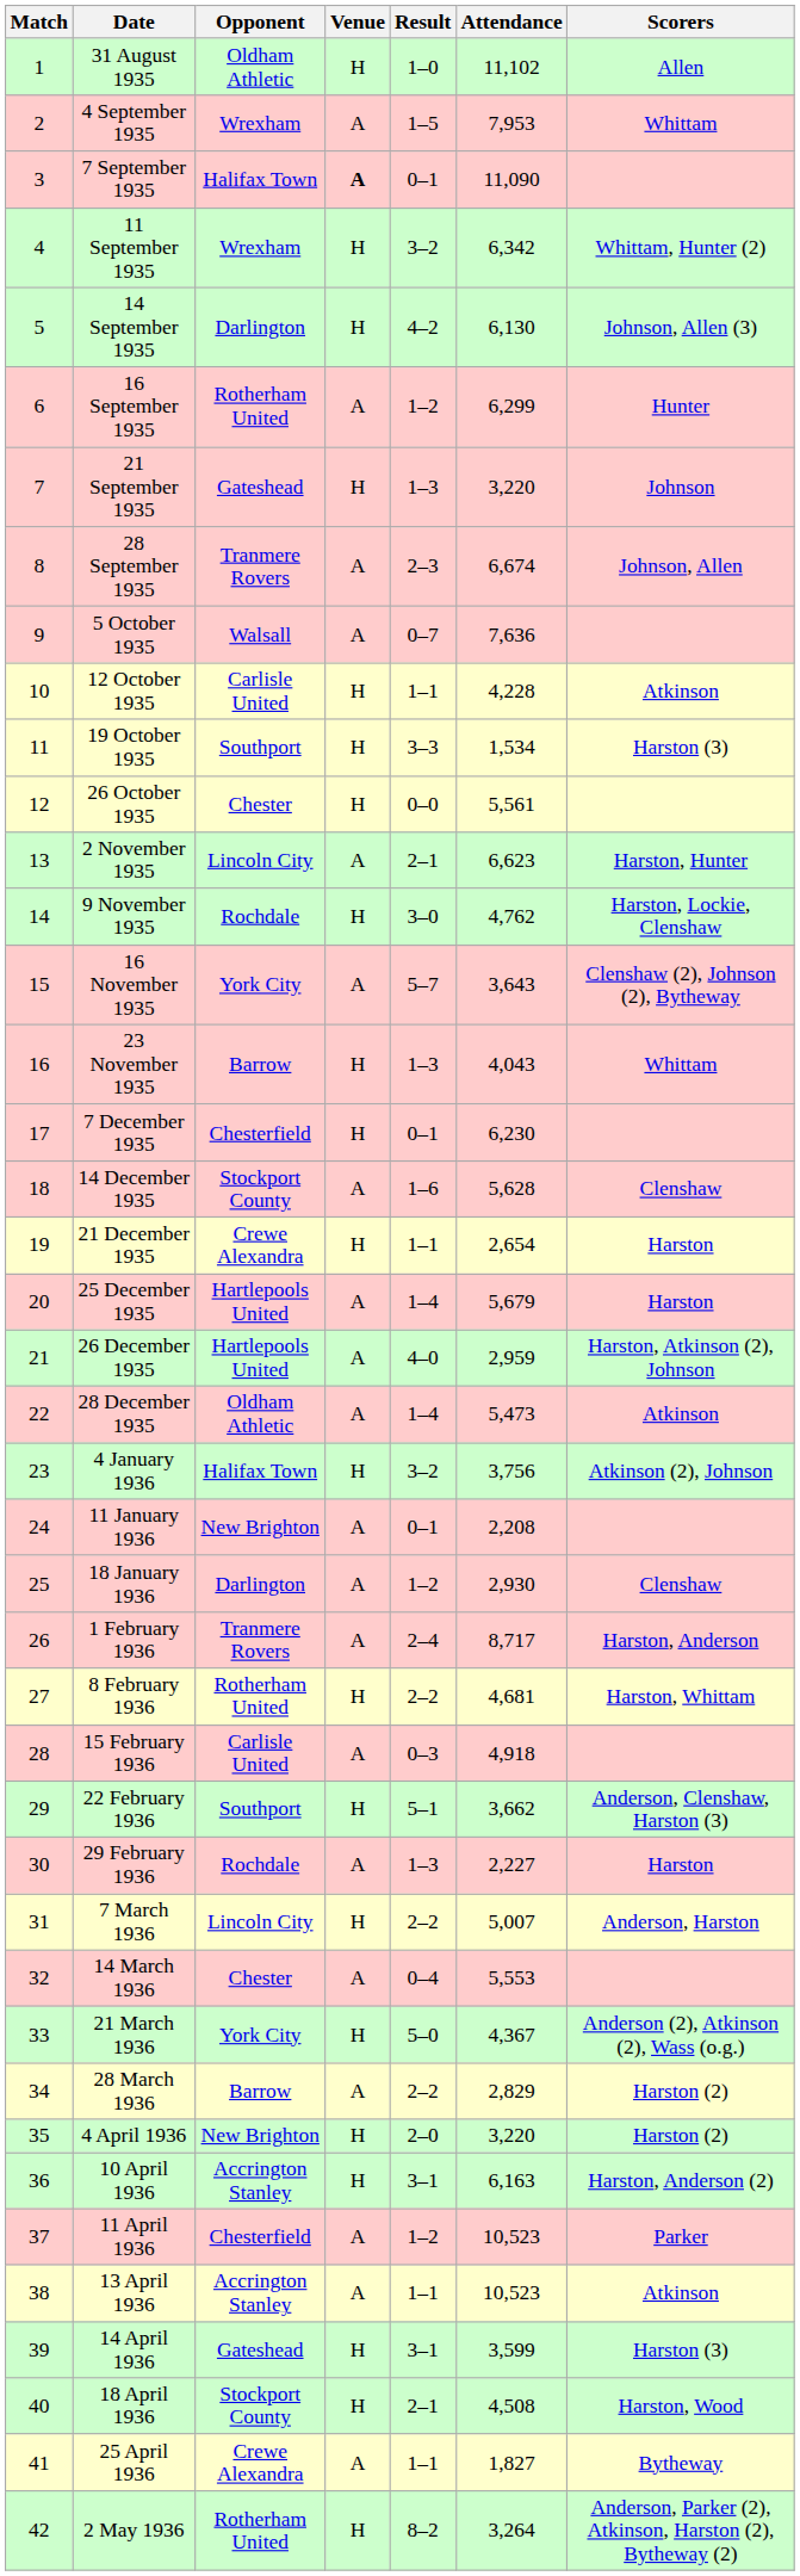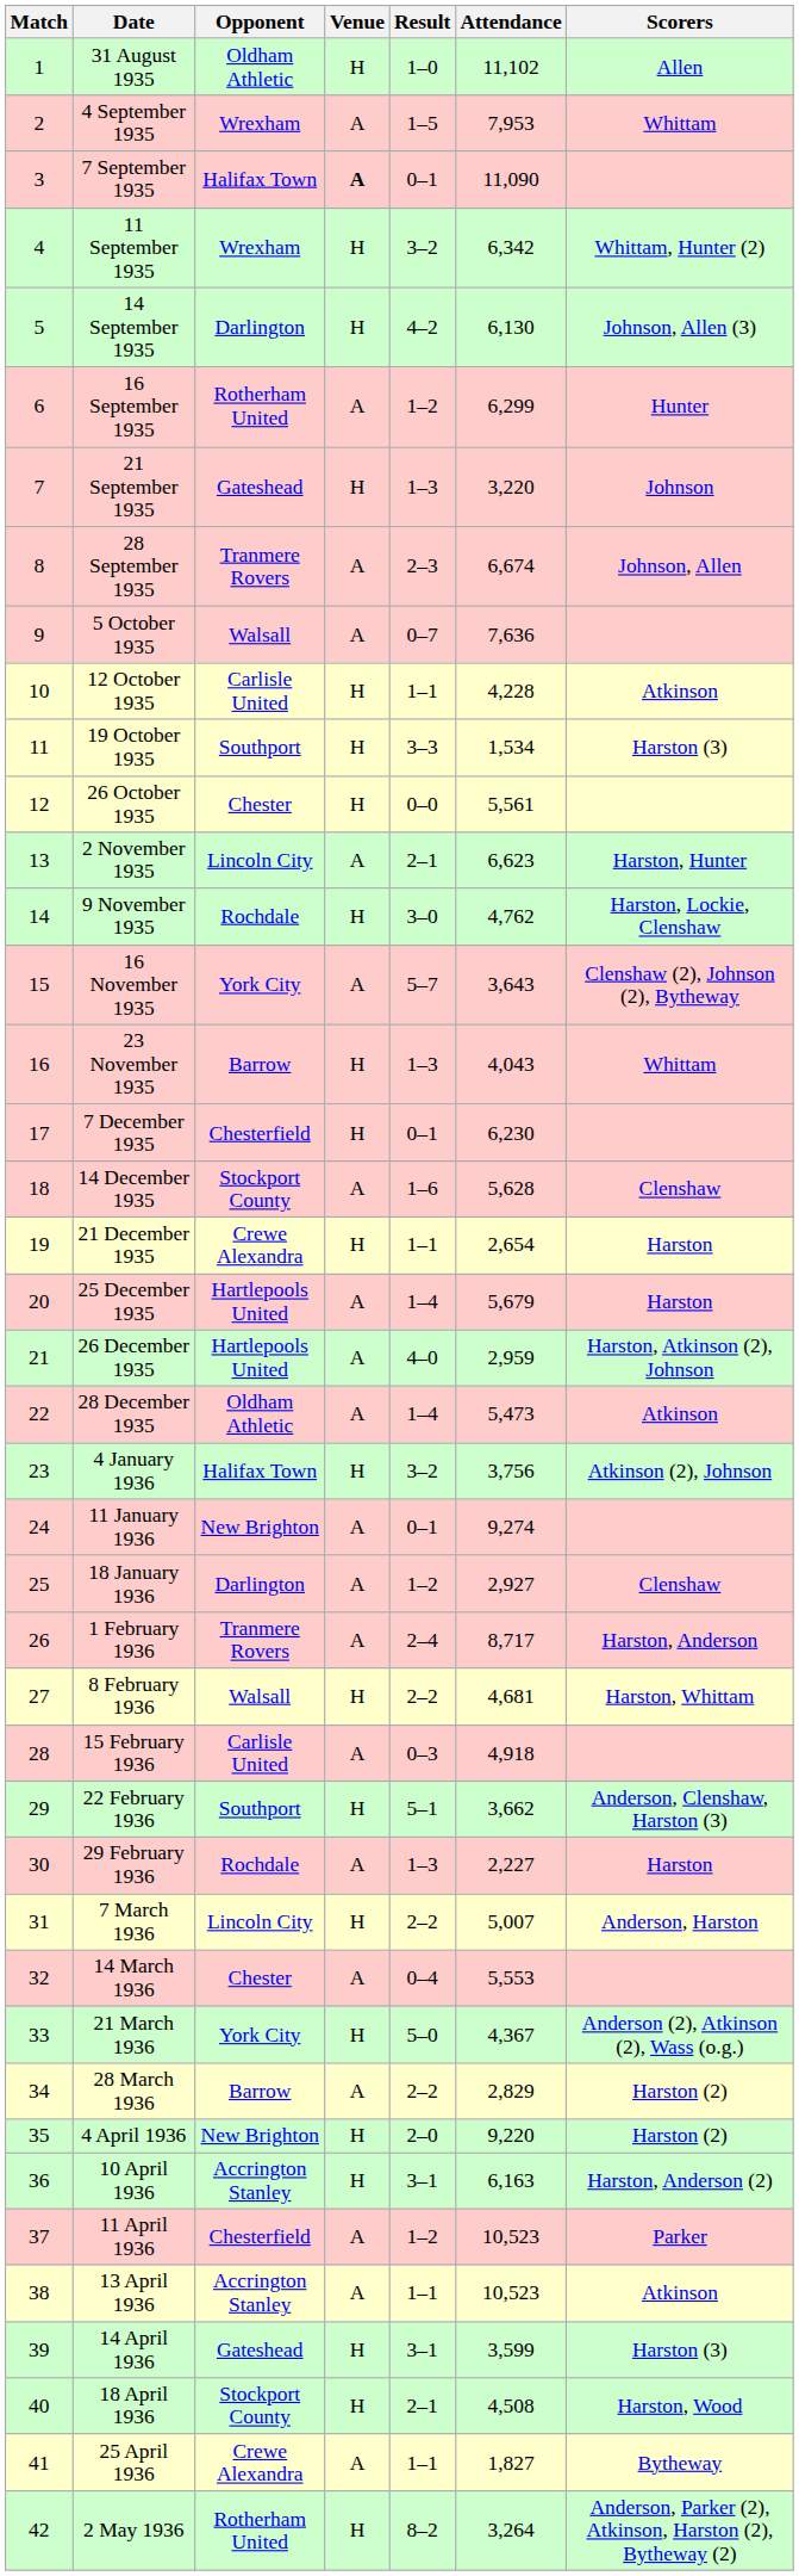 <table class="wikitable " style="font-size:100%; text-align:center">
 <tr>
 <th>Match</th>
 <th>Date</th>
 <th>Opponent</th>
 <th>Venue</th>
 <th>Result</th>
 <th>Attendance</th>
 <th>Scorers</th>
 </tr>
 <tr style="background: #CCFFCC;">
 <td>1</td>
 <td>31 August 1935</td>
 <td><a href='#'>Oldham Athletic</a></td>
 <td>H</td>
 <td>1–0</td>
 <td>11,102</td>
 <td><a href='#'>Allen</a></td>
 </tr>
 <tr style="background: #FFCCCC">
 <td>2</td>
 <td>4 September 1935</td>
 <td><a href='#'>Wrexham</a></td>
 <td>A</td>
 <td>1–5</td>
 <td>7,953</td>
 <td><a href='#'>Whittam</a></td>
 </tr>
 <tr style="background: #FFCCCC">
 <td>3</td>
 <td>7 September 1935</td>
 <td><a href='#'>Halifax Town</a></td>
 <td><strong>A</strong></td>
 <td>0–1</td>
 <td>11,090</td>
 <td></td>
 </tr>
 <tr style="background: #CCFFCC">
 <td>4</td>
 <td>11 September 1935</td>
 <td><a href='#'>Wrexham</a></td>
 <td>H</td>
 <td>3–2</td>
 <td>6,342</td>
 <td><a href='#'>Whittam</a>, <a href='#'>Hunter</a> (2)</td>
 </tr>
 <tr style="background: #CCFFCC">
 <td>5</td>
 <td>14 September 1935</td>
 <td><a href='#'>Darlington</a></td>
 <td>H</td>
 <td>4–2</td>
 <td>6,130</td>
 <td><a href='#'>Johnson</a>, <a href='#'>Allen</a> (3)</td>
 </tr>
 <tr style="background: #FFCCCC">
 <td>6</td>
 <td>16 September 1935</td>
 <td><a href='#'>Rotherham United</a></td>
 <td>A</td>
 <td>1–2</td>
 <td>6,299</td>
 <td><a href='#'>Hunter</a></td>
 </tr>
 <tr style="background: #FFCCCC">
 <td>7</td>
 <td>21 September 1935</td>
 <td><a href='#'>Gateshead</a></td>
 <td>H</td>
 <td>1–3</td>
 <td>3,220</td>
 <td><a href='#'>Johnson</a></td>
 </tr>
 <tr style="background: #FFCCCC">
 <td>8</td>
 <td>28 September 1935</td>
 <td><a href='#'>Tranmere Rovers</a></td>
 <td>A</td>
 <td>2–3</td>
 <td>6,674</td>
 <td><a href='#'>Johnson</a>, <a href='#'>Allen</a></td>
 </tr>
 <tr style="background: #FFCCCC">
 <td>9</td>
 <td>5 October 1935</td>
 <td><a href='#'>Walsall</a></td>
 <td>A</td>
 <td>0–7</td>
 <td>7,636</td>
 <td></td>
 </tr>
 <tr style="background: #FFFFCC">
 <td>10</td>
 <td>12 October 1935</td>
 <td><a href='#'>Carlisle United</a></td>
 <td>H</td>
 <td>1–1</td>
 <td>4,228</td>
 <td><a href='#'>Atkinson</a></td>
 </tr>
 <tr style="background: #FFFFCC">
 <td>11</td>
 <td>19 October 1935</td>
 <td><a href='#'>Southport</a></td>
 <td>H</td>
 <td>3–3</td>
 <td>1,534</td>
 <td><a href='#'>Harston</a> (3)</td>
 </tr>
 <tr style="background: #FFFFCC">
 <td>12</td>
 <td>26 October 1935</td>
 <td><a href='#'>Chester</a></td>
 <td>H</td>
 <td>0–0</td>
 <td>5,561</td>
 <td></td>
 </tr>
 <tr style="background: #CCFFCC">
 <td>13</td>
 <td>2 November 1935</td>
 <td><a href='#'>Lincoln City</a></td>
 <td>A</td>
 <td>2–1</td>
 <td>6,623</td>
 <td><a href='#'>Harston</a>, <a href='#'>Hunter</a></td>
 </tr>
 <tr style="background: #CCFFCC">
 <td>14</td>
 <td>9 November 1935</td>
 <td><a href='#'>Rochdale</a></td>
 <td>H</td>
 <td>3–0</td>
 <td>4,762</td>
 <td><a href='#'>Harston</a>, <a href='#'>Lockie</a>, <a href='#'>Clenshaw</a></td>
 </tr>
 <tr style="background: #FFCCCC">
 <td>15</td>
 <td>16 November 1935</td>
 <td><a href='#'>York City</a></td>
 <td>A</td>
 <td>5–7</td>
 <td>3,643</td>
 <td><a href='#'>Clenshaw</a> (2), <a href='#'>Johnson</a> (2), <a href='#'>Bytheway</a></td>
 </tr>
 <tr style="background: #FFCCCC">
 <td>16</td>
 <td>23 November 1935</td>
 <td><a href='#'>Barrow</a></td>
 <td>H</td>
 <td>1–3</td>
 <td>4,043</td>
 <td><a href='#'>Whittam</a></td>
 </tr>
 <tr style="background: #FFCCCC">
 <td>17</td>
 <td>7 December 1935</td>
 <td><a href='#'>Chesterfield</a></td>
 <td>H</td>
 <td>0–1</td>
 <td>6,230</td>
 <td></td>
 </tr>
 <tr style="background: #FFCCCC">
 <td>18</td>
 <td>14 December 1935</td>
 <td><a href='#'>Stockport County</a></td>
 <td>A</td>
 <td>1–6</td>
 <td>5,628</td>
 <td><a href='#'>Clenshaw</a></td>
 </tr>
 <tr style="background: #FFFFCC">
 <td>19</td>
 <td>21 December 1935</td>
 <td><a href='#'>Crewe Alexandra</a></td>
 <td>H</td>
 <td>1–1</td>
 <td>2,654</td>
 <td><a href='#'>Harston</a></td>
 </tr>
 <tr style="background: #FFCCCC">
 <td>20</td>
 <td>25 December 1935</td>
 <td><a href='#'>Hartlepools United</a></td>
 <td>A</td>
 <td>1–4</td>
 <td>5,679</td>
 <td><a href='#'>Harston</a></td>
 </tr>
 <tr style="background: #CCFFCC">
 <td>21</td>
 <td>26 December 1935</td>
 <td><a href='#'>Hartlepools United</a></td>
 <td>A</td>
 <td>4–0</td>
 <td>2,959</td>
 <td><a href='#'>Harston</a>, <a href='#'>Atkinson</a> (2), <a href='#'>Johnson</a></td>
 </tr>
 <tr style="background: #FFCCCC">
 <td>22</td>
 <td>28 December 1935</td>
 <td><a href='#'>Oldham Athletic</a></td>
 <td>A</td>
 <td>1–4</td>
 <td>5,473</td>
 <td><a href='#'>Atkinson</a></td>
 </tr>
 <tr style="background: #CCFFCC">
 <td>23</td>
 <td>4 January 1936</td>
 <td><a href='#'>Halifax Town</a></td>
 <td>H</td>
 <td>3–2</td>
 <td>3,756</td>
 <td><a href='#'>Atkinson</a> (2), <a href='#'>Johnson</a></td>
 </tr>
 <tr style="background: #FFCCCC">
 <td>24</td>
 <td>11 January 1936</td>
 <td><a href='#'>New Brighton</a></td>
 <td>A</td>
 <td>0–1</td>
-<td>2,208</td>
+<td>9,274</td>
 <td></td>
 </tr>
 <tr style="background: #FFCCCC">
 <td>25</td>
 <td>18 January 1936</td>
 <td><a href='#'>Darlington</a></td>
 <td>A</td>
 <td>1–2</td>
-<td>2,930</td>
+<td>2,927</td>
 <td><a href='#'>Clenshaw</a></td>
 </tr>
 <tr style="background: #FFCCCC">
 <td>26</td>
 <td>1 February 1936</td>
 <td><a href='#'>Tranmere Rovers</a></td>
 <td>A</td>
 <td>2–4</td>
 <td>8,717</td>
 <td><a href='#'>Harston</a>, <a href='#'>Anderson</a></td>
 </tr>
 <tr style="background: #FFFFCC">
 <td>27</td>
 <td>8 February 1936</td>
-<td><a href='#'>Rotherham United</a></td>
+<td><a href='#'>Walsall</a></td>
 <td>H</td>
 <td>2–2</td>
 <td>4,681</td>
 <td><a href='#'>Harston</a>, <a href='#'>Whittam</a></td>
 </tr>
 <tr style="background: #FFCCCC">
 <td>28</td>
 <td>15 February 1936</td>
 <td><a href='#'>Carlisle United</a></td>
 <td>A</td>
 <td>0–3</td>
 <td>4,918</td>
 <td></td>
 </tr>
 <tr style="background: #CCFFCC">
 <td>29</td>
 <td>22 February 1936</td>
 <td><a href='#'>Southport</a></td>
 <td>H</td>
 <td>5–1</td>
 <td>3,662</td>
 <td><a href='#'>Anderson</a>, <a href='#'>Clenshaw</a>, <a href='#'>Harston</a> (3)</td>
 </tr>
 <tr style="background: #FFCCCC">
 <td>30</td>
 <td>29 February 1936</td>
 <td><a href='#'>Rochdale</a></td>
 <td>A</td>
 <td>1–3</td>
 <td>2,227</td>
 <td><a href='#'>Harston</a></td>
 </tr>
 <tr style="background: #FFFFCC">
 <td>31</td>
 <td>7 March 1936</td>
 <td><a href='#'>Lincoln City</a></td>
 <td>H</td>
 <td>2–2</td>
 <td>5,007</td>
 <td><a href='#'>Anderson</a>, <a href='#'>Harston</a></td>
 </tr>
 <tr style="background: #FFCCCC">
 <td>32</td>
 <td>14 March 1936</td>
 <td><a href='#'>Chester</a></td>
 <td>A</td>
 <td>0–4</td>
 <td>5,553</td>
 <td></td>
 </tr>
 <tr style="background: #CCFFCC">
 <td>33</td>
 <td>21 March 1936</td>
 <td><a href='#'>York City</a></td>
 <td>H</td>
 <td>5–0</td>
 <td>4,367</td>
 <td><a href='#'>Anderson</a> (2), <a href='#'>Atkinson</a> (2), <a href='#'>Wass</a> (o.g.)</td>
 </tr>
 <tr style="background: #FFFFCC">
 <td>34</td>
 <td>28 March 1936</td>
 <td><a href='#'>Barrow</a></td>
 <td>A</td>
 <td>2–2</td>
 <td>2,829</td>
 <td><a href='#'>Harston</a> (2)</td>
 </tr>
 <tr style="background: #CCFFCC">
 <td>35</td>
 <td>4 April 1936</td>
 <td><a href='#'>New Brighton</a></td>
 <td>H</td>
 <td>2–0</td>
-<td>3,220</td>
+<td>9,220</td>
 <td><a href='#'>Harston</a> (2)</td>
 </tr>
 <tr style="background: #CCFFCC">
 <td>36</td>
 <td>10 April 1936</td>
 <td><a href='#'>Accrington Stanley</a></td>
 <td>H</td>
 <td>3–1</td>
 <td>6,163</td>
 <td><a href='#'>Harston</a>, <a href='#'>Anderson</a> (2)</td>
 </tr>
 <tr style="background: #FFCCCC">
 <td>37</td>
 <td>11 April 1936</td>
 <td><a href='#'>Chesterfield</a></td>
 <td>A</td>
 <td>1–2</td>
 <td>10,523</td>
 <td><a href='#'>Parker</a></td>
 </tr>
 <tr style="background: #FFFFCC">
 <td>38</td>
 <td>13 April 1936</td>
 <td><a href='#'>Accrington Stanley</a></td>
 <td>A</td>
 <td>1–1</td>
 <td>10,523</td>
 <td><a href='#'>Atkinson</a></td>
 </tr>
 <tr style="background: #CCFFCC">
 <td>39</td>
 <td>14 April 1936</td>
 <td><a href='#'>Gateshead</a></td>
 <td>H</td>
 <td>3–1</td>
 <td>3,599</td>
 <td><a href='#'>Harston</a> (3)</td>
 </tr>
 <tr style="background: #CCFFCC">
 <td>40</td>
 <td>18 April 1936</td>
 <td><a href='#'>Stockport County</a></td>
 <td>H</td>
 <td>2–1</td>
 <td>4,508</td>
 <td><a href='#'>Harston</a>, <a href='#'>Wood</a></td>
 </tr>
 <tr style="background: #FFFFCC">
 <td>41</td>
 <td>25 April 1936</td>
 <td><a href='#'>Crewe Alexandra</a></td>
 <td>A</td>
 <td>1–1</td>
 <td>1,827</td>
 <td><a href='#'>Bytheway</a></td>
 </tr>
 <tr style="background: #CCFFCC">
 <td>42</td>
 <td>2 May 1936</td>
 <td><a href='#'>Rotherham United</a></td>
 <td>H</td>
 <td>8–2</td>
 <td>3,264</td>
 <td><a href='#'>Anderson</a>, <a href='#'>Parker</a> (2), <a href='#'>Atkinson</a>, <a href='#'>Harston</a> (2), <a href='#'>Bytheway</a> (2)</td>
 </tr>
 </table>
